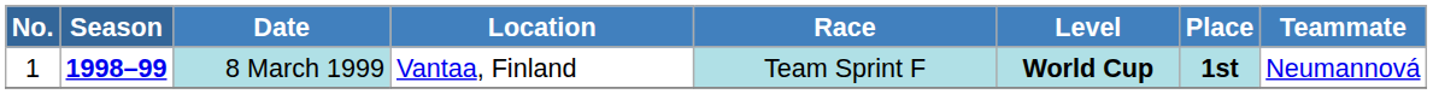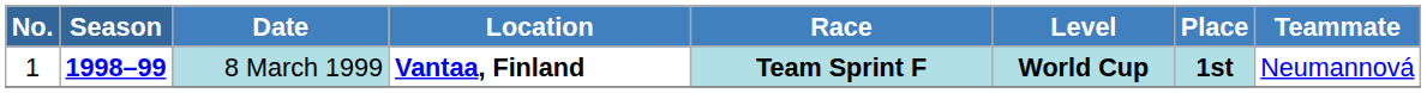 <table class="wikitable sortable" style="font-size:95%; text-align:center; border:grey solid 1px; border-collapse:collapse; background:#ffffff;">
 <tr style="background:#efefef;">
 <th style="background-color:#369; color:white;">No.</th>
 <th style="background-color:#369; color:white;">Season</th>
 <th style="background-color:#4180be; color:white; width:120px;">Date</th>
 <th style="background-color:#4180be; color:white; width:170px;">Location</th>
 <th style="background-color:#4180be; color:white; width:170px;">Race</th>
 <th style="background-color:#4180be; color:white; width:100px;">Level</th>
 <th style="background-color:#4180be; color:white;">Place</th>
 <th style="background-color:#4180be; color:white;">Teammate</th>
 </tr>
 <tr>
 <td align=center>1</td>
 <td rowspan=1 align=center><strong><a href='#'>1998–99</a></strong></td>
 <td bgcolor="#BOEOE6" align=right>8 March 1999</td>
-<td align=left> <a href='#'>Vantaa</a>, Finland</td>
-<td bgcolor="#BOEOE6">Team Sprint F</td>
+<td align=left><strong> <a href='#'>Vantaa</a>, Finland</strong></td>
+<td bgcolor="#BOEOE6"><strong>Team Sprint F</strong></td>
 <td bgcolor="#BOEOE6"><strong>World Cup</strong></td>
 <td bgcolor="#BOEOE6"><strong>1st</strong></td>
 <td><a href='#'>Neumannová</a></td>
 </tr>
 <tr>
 </tr>
 </table>
